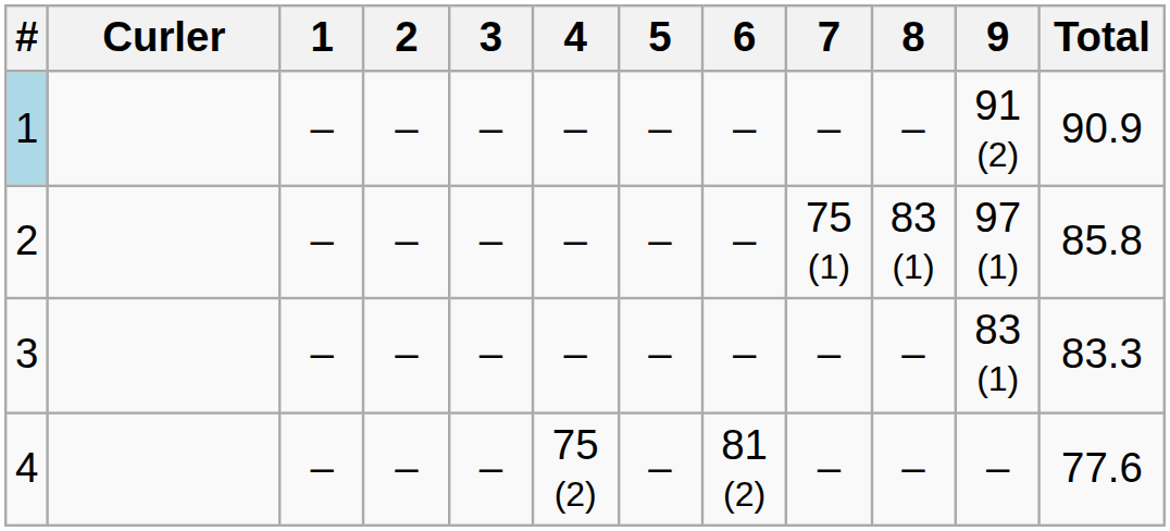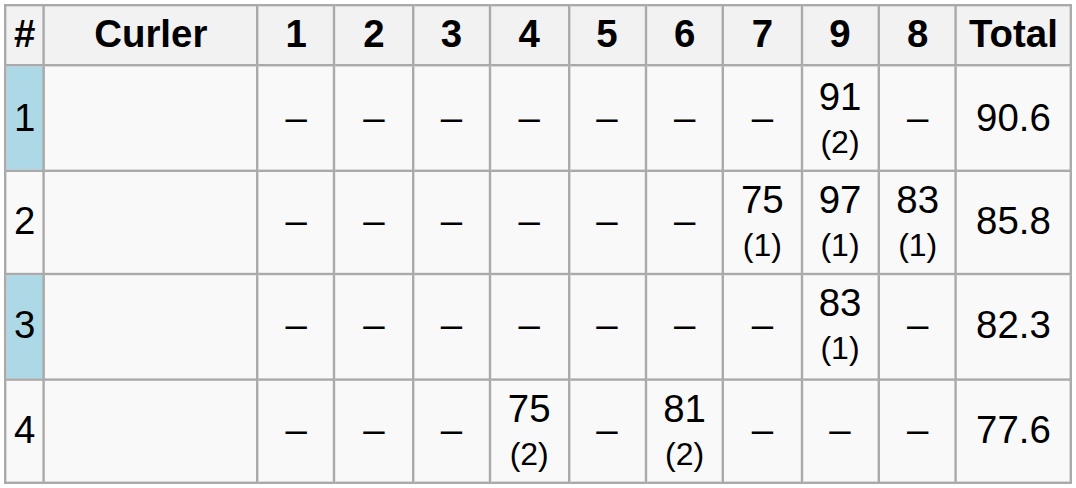 <table class="wikitable sortable" style="text-align:center">
 <tr>
 <th>#</th>
 <th width=20%>Curler</th>
 <th width=25>1</th>
 <th width=25>2</th>
 <th width=25>3</th>
 <th width=25>4</th>
 <th width=25>5</th>
 <th width=25>6</th>
 <th width=25>7</th>
+<th width=25>9</th>
 <th width=25>8</th>
-<th width=25>9</th>
 <th width=40>Total</th>
 </tr>
 <tr>
 <td style="background: lightblue;">1</td>
 <td align=left></td>
 <td>–</td>
 <td>–</td>
 <td>–</td>
 <td>–</td>
 <td>–</td>
 <td>–</td>
 <td>–</td>
+<td>91 <small>(2)</small></td>
 <td>–</td>
-<td>91 <small>(2)</small></td>
-<td>90.9</td>
+<td>90.6</td>
 </tr>
 <tr>
 <td>2</td>
 <td align=left></td>
 <td>–</td>
 <td>–</td>
 <td>–</td>
 <td>–</td>
 <td>–</td>
 <td>–</td>
 <td>75 <small>(1)</small></td>
+<td>97 <small>(1)</small></td>
 <td>83 <small>(1)</small></td>
-<td>97 <small>(1)</small></td>
 <td>85.8</td>
 </tr>
 <tr>
-<td>3</td>
+<td style="background: lightblue;">3</td>
 <td align=left></td>
 <td>–</td>
 <td>–</td>
 <td>–</td>
 <td>–</td>
 <td>–</td>
 <td>–</td>
 <td>–</td>
+<td>83 <small>(1)</small></td>
 <td>–</td>
-<td>83 <small>(1)</small></td>
-<td>83.3</td>
+<td>82.3</td>
 </tr>
 <tr>
 <td>4</td>
 <td align=left></td>
 <td>–</td>
 <td>–</td>
 <td>–</td>
 <td>75 <small>(2)</small></td>
 <td>–</td>
 <td>81 <small>(2)</small></td>
 <td>–</td>
 <td>–</td>
 <td>–</td>
 <td>77.6</td>
 </tr>
 </table>
